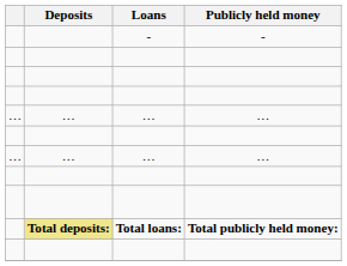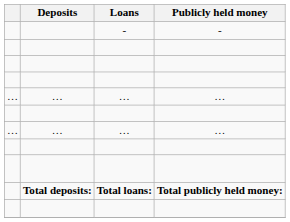 <table class="wikitable">
 <tr>
 <th></th>
 <th>Deposits</th>
 <th>Loans</th>
 <th>Publicly held money</th>
 </tr>
 <tr>
 <td height="16" align="CENTER"></td>
 <td align="LEFT"></td>
 <td align="CENTER">-</td>
 <td align="CENTER">-</td>
 </tr>
 <tr>
 <td height="16" align="CENTER"></td>
 <td align="LEFT"></td>
 <td align="LEFT"></td>
 <td align="LEFT"></td>
 </tr>
 <tr>
 <td height="16" align="CENTER"></td>
 <td align="LEFT"></td>
 <td align="LEFT"></td>
 <td align="LEFT"></td>
 </tr>
 <tr>
 <td height="16" align="CENTER"></td>
 <td align="LEFT"></td>
 <td align="LEFT"></td>
 <td align="LEFT"></td>
 </tr>
 <tr>
 <td height="16" align="CENTER">…</td>
 <td align="CENTER">…</td>
 <td align="CENTER">…</td>
 <td align="CENTER">…</td>
 </tr>
 <tr>
 <td height="16" align="CENTER"></td>
 <td align="LEFT"></td>
 <td align="LEFT"></td>
 <td align="LEFT"></td>
 </tr>
 <tr>
 <td height="16" align="CENTER">…</td>
 <td align="CENTER">…</td>
 <td align="CENTER">…</td>
 <td align="CENTER">…</td>
 </tr>
 <tr>
 <td height="16" align="CENTER"></td>
 <td align="LEFT"></td>
 <td align="LEFT"></td>
 <td align="LEFT"></td>
 </tr>
 <tr>
 <td height="32" align="CENTER"><br></td>
 <td align="LEFT"><br></td>
 <td align="LEFT"><br></td>
 <td align="LEFT"><br></td>
 </tr>
 <tr>
 <td><br></td>
-<td align="CENTER" style="background: khaki;"><strong>Total deposits:</strong></td>
+<td align="CENTER"><strong>Total deposits:</strong></td>
 <td align="CENTER"><strong>Total loans:</strong></td>
 <td align="CENTER"><strong>Total publicly held money:</strong></td>
 </tr>
 <tr>
 <td height="16" align="CENTER"><br></td>
 <td align="CENTER"></td>
 <td align="CENTER"></td>
 <td align="CENTER"></td>
 </tr>
 <tr>
 </tr>
 </table>
